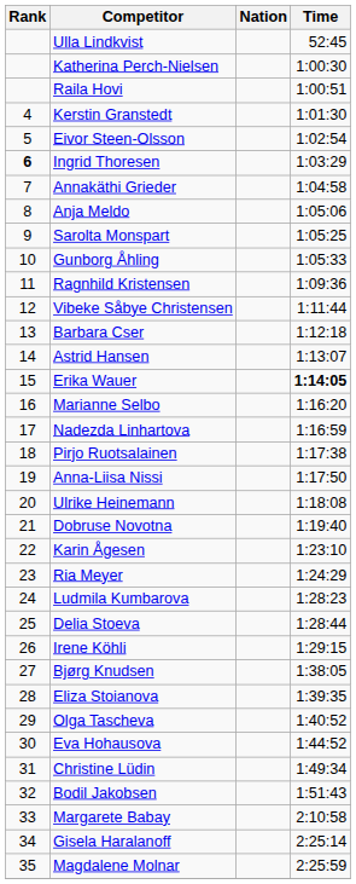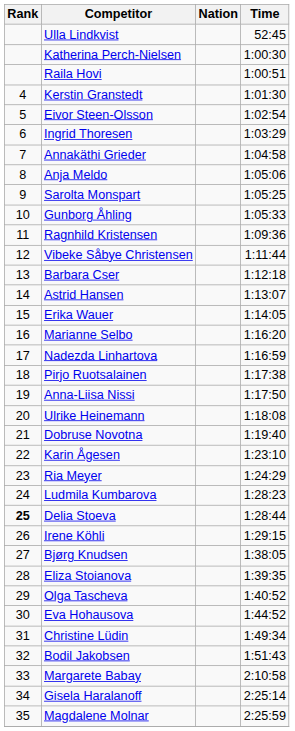 <table class="wikitable sortable" style="text-align:left">
 <tr>
 <th data-sort-type="number">Rank</th>
 <th class="unsortable">Competitor</th>
 <th>Nation</th>
 <th>Time</th>
 </tr>
 <tr>
 <td style="text-align:center"></td>
 <td><a href='#'>Ulla Lindkvist</a></td>
 <td></td>
 <td style="text-align:right">52:45</td>
 </tr>
 <tr>
 <td style="text-align:center"></td>
 <td><a href='#'>Katherina Perch-Nielsen</a></td>
 <td></td>
 <td style="text-align:right">1:00:30</td>
 </tr>
 <tr>
 <td style="text-align:center"></td>
 <td><a href='#'>Raila Hovi</a></td>
 <td></td>
 <td style="text-align:right">1:00:51</td>
 </tr>
 <tr>
 <td style="text-align:center">4</td>
 <td><a href='#'>Kerstin Granstedt</a></td>
 <td></td>
 <td style="text-align:right">1:01:30</td>
 </tr>
 <tr>
 <td style="text-align:center">5</td>
 <td><a href='#'>Eivor Steen-Olsson</a></td>
 <td></td>
 <td style="text-align:right">1:02:54</td>
 </tr>
 <tr>
-<td style="text-align:center"><strong>6</strong></td>
+<td style="text-align:center">6</td>
 <td><a href='#'>Ingrid Thoresen</a></td>
 <td></td>
 <td style="text-align:right">1:03:29</td>
 </tr>
 <tr>
 <td style="text-align:center">7</td>
 <td><a href='#'>Annakäthi Grieder</a></td>
 <td></td>
 <td style="text-align:right">1:04:58</td>
 </tr>
 <tr>
 <td style="text-align:center">8</td>
 <td><a href='#'>Anja Meldo</a></td>
 <td></td>
 <td style="text-align:right">1:05:06</td>
 </tr>
 <tr>
 <td style="text-align:center">9</td>
 <td><a href='#'>Sarolta Monspart</a></td>
 <td></td>
 <td style="text-align:right">1:05:25</td>
 </tr>
 <tr>
 <td style="text-align:center">10</td>
 <td><a href='#'>Gunborg Åhling</a></td>
 <td></td>
 <td style="text-align:right">1:05:33</td>
 </tr>
 <tr>
 <td style="text-align:center">11</td>
 <td><a href='#'>Ragnhild Kristensen</a></td>
 <td></td>
 <td style="text-align:right">1:09:36</td>
 </tr>
 <tr>
 <td style="text-align:center">12</td>
 <td><a href='#'>Vibeke Såbye Christensen</a></td>
 <td></td>
 <td style="text-align:right">1:11:44</td>
 </tr>
 <tr>
 <td style="text-align:center">13</td>
 <td><a href='#'>Barbara Cser</a></td>
 <td></td>
 <td style="text-align:right">1:12:18</td>
 </tr>
 <tr>
 <td style="text-align:center">14</td>
 <td><a href='#'>Astrid Hansen</a></td>
 <td></td>
 <td style="text-align:right">1:13:07</td>
 </tr>
 <tr>
 <td style="text-align:center">15</td>
 <td><a href='#'>Erika Wauer</a></td>
 <td></td>
-<td style="text-align:right"><strong>1:14:05</strong></td>
+<td style="text-align:right">1:14:05</td>
 </tr>
 <tr>
 <td style="text-align:center">16</td>
 <td><a href='#'>Marianne Selbo</a></td>
 <td></td>
 <td style="text-align:right">1:16:20</td>
 </tr>
 <tr>
 <td style="text-align:center">17</td>
 <td><a href='#'>Nadezda Linhartova</a></td>
 <td></td>
 <td style="text-align:right">1:16:59</td>
 </tr>
 <tr>
 <td style="text-align:center">18</td>
 <td><a href='#'>Pirjo Ruotsalainen</a></td>
 <td></td>
 <td style="text-align:right">1:17:38</td>
 </tr>
 <tr>
 <td style="text-align:center">19</td>
 <td><a href='#'>Anna-Liisa Nissi</a></td>
 <td></td>
 <td style="text-align:right">1:17:50</td>
 </tr>
 <tr>
 <td style="text-align:center">20</td>
 <td><a href='#'>Ulrike Heinemann</a></td>
 <td></td>
 <td style="text-align:right">1:18:08</td>
 </tr>
 <tr>
 <td style="text-align:center">21</td>
 <td><a href='#'>Dobruse Novotna</a></td>
 <td></td>
 <td style="text-align:right">1:19:40</td>
 </tr>
 <tr>
 <td style="text-align:center">22</td>
 <td><a href='#'>Karin Ågesen</a></td>
 <td></td>
 <td style="text-align:right">1:23:10</td>
 </tr>
 <tr>
 <td style="text-align:center">23</td>
 <td><a href='#'>Ria Meyer</a></td>
 <td></td>
 <td style="text-align:right">1:24:29</td>
 </tr>
 <tr>
 <td style="text-align:center">24</td>
 <td><a href='#'>Ludmila Kumbarova</a></td>
 <td></td>
 <td style="text-align:right">1:28:23</td>
 </tr>
 <tr>
-<td style="text-align:center">25</td>
+<td style="text-align:center"><strong>25</strong></td>
 <td><a href='#'>Delia Stoeva</a></td>
 <td></td>
 <td style="text-align:right">1:28:44</td>
 </tr>
 <tr>
 <td style="text-align:center">26</td>
 <td><a href='#'>Irene Köhli</a></td>
 <td></td>
 <td style="text-align:right">1:29:15</td>
 </tr>
 <tr>
 <td style="text-align:center">27</td>
 <td><a href='#'>Bjørg Knudsen</a></td>
 <td></td>
 <td style="text-align:right">1:38:05</td>
 </tr>
 <tr>
 <td style="text-align:center">28</td>
 <td><a href='#'>Eliza Stoianova</a></td>
 <td></td>
 <td style="text-align:right">1:39:35</td>
 </tr>
 <tr>
 <td style="text-align:center">29</td>
 <td><a href='#'>Olga Tascheva</a></td>
 <td></td>
 <td style="text-align:right">1:40:52</td>
 </tr>
 <tr>
 <td style="text-align:center">30</td>
 <td><a href='#'>Eva Hohausova</a></td>
 <td></td>
 <td style="text-align:right">1:44:52</td>
 </tr>
 <tr>
 <td style="text-align:center">31</td>
 <td><a href='#'>Christine Lüdin</a></td>
 <td></td>
 <td style="text-align:right">1:49:34</td>
 </tr>
 <tr>
 <td style="text-align:center">32</td>
 <td><a href='#'>Bodil Jakobsen</a></td>
 <td></td>
 <td style="text-align:right">1:51:43</td>
 </tr>
 <tr>
 <td style="text-align:center">33</td>
 <td><a href='#'>Margarete Babay</a></td>
 <td></td>
 <td style="text-align:right">2:10:58</td>
 </tr>
 <tr>
 <td style="text-align:center">34</td>
 <td><a href='#'>Gisela Haralanoff</a></td>
 <td></td>
 <td style="text-align:right">2:25:14</td>
 </tr>
 <tr>
 <td style="text-align:center">35</td>
 <td><a href='#'>Magdalene Molnar</a></td>
 <td></td>
 <td style="text-align:right">2:25:59</td>
 </tr>
 <tr>
 </tr>
 </table>
